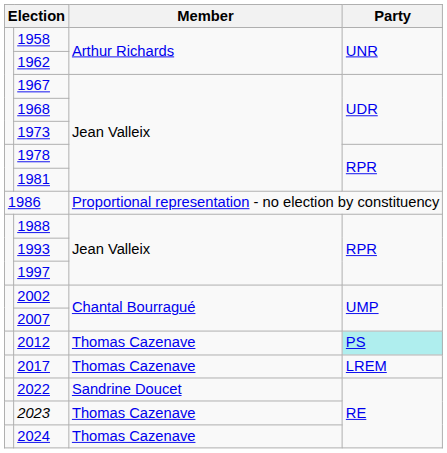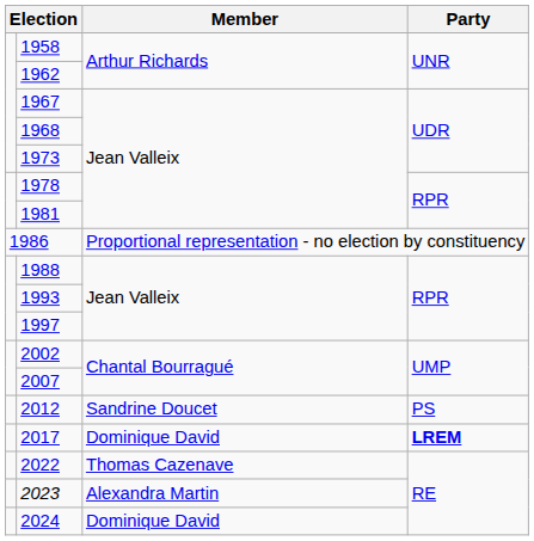 <table class="wikitable">
 <tr>
 <th colspan="2">Election</th>
 <th>Member</th>
 <th>Party</th>
 </tr>
 <tr>
 <td rowspan=5 style="color:inherit;background-color: "></td>
 <td><a href='#'>1958</a></td>
 <td rowspan="2"><a href='#'>Arthur Richards</a></td>
 <td rowspan="2"><a href='#'>UNR</a></td>
 </tr>
 <tr>
 <td><a href='#'>1962</a></td>
 </tr>
 <tr>
 <td><a href='#'>1967</a></td>
 <td rowspan="5">Jean Valleix</td>
 <td rowspan="3"><a href='#'>UDR</a></td>
 </tr>
 <tr>
 <td><a href='#'>1968</a></td>
 </tr>
 <tr>
 <td><a href='#'>1973</a></td>
 </tr>
 <tr>
 <td rowspan=2 style="color:inherit;background-color: "></td>
 <td><a href='#'>1978</a></td>
 <td rowspan="2"><a href='#'>RPR</a></td>
 </tr>
 <tr>
 <td><a href='#'>1981</a></td>
 </tr>
 <tr>
 <td colspan="2"><a href='#'>1986</a></td>
 <td colspan="2"><a href='#'>Proportional representation</a> - no election by constituency</td>
 </tr>
 <tr>
 <td rowspan=3 style="color:inherit;background-color: "></td>
 <td><a href='#'>1988</a></td>
 <td rowspan=3>Jean Valleix</td>
 <td rowspan=3><a href='#'>RPR</a></td>
 </tr>
 <tr>
 <td><a href='#'>1993</a></td>
 </tr>
 <tr>
 <td><a href='#'>1997</a></td>
 </tr>
 <tr>
 <td rowspan=2 style="color:inherit;background-color: "></td>
 <td><a href='#'>2002</a></td>
 <td rowspan=2><a href='#'>Chantal Bourragué</a></td>
 <td rowspan=2><a href='#'>UMP</a></td>
 </tr>
 <tr>
 <td><a href='#'>2007</a></td>
 </tr>
 <tr>
 <td style="color:inherit;background-color: "></td>
 <td><a href='#'>2012</a></td>
-<td><a href='#'>Thomas Cazenave</a></td>
-<td style="background: paleturquoise;"><a href='#'>PS</a></td>
+<td><a href='#'>Sandrine Doucet</a></td>
+<td><a href='#'>PS</a></td>
 </tr>
 <tr>
 <td style="color:inherit;background-color: "></td>
 <td><a href='#'>2017</a></td>
-<td><a href='#'>Thomas Cazenave</a></td>
-<td><a href='#'>LREM</a></td>
+<td><a href='#'>Dominique David</a></td>
+<td><strong><a href='#'>LREM</a></strong></td>
 </tr>
 <tr>
 <td style="color:inherit;background-color: "></td>
 <td><a href='#'>2022</a></td>
-<td><a href='#'>Sandrine Doucet</a></td>
+<td><a href='#'>Thomas Cazenave</a></td>
 <td rowspan="3"><a href='#'>RE</a></td>
 </tr>
 <tr>
 <td style="color:inherit;background-color: "></td>
 <td><em>2023</em></td>
-<td><a href='#'>Thomas Cazenave</a></td>
+<td><a href='#'>Alexandra Martin</a></td>
 </tr>
 <tr>
 <td style="color:inherit;background-color: "></td>
 <td><a href='#'>2024</a></td>
-<td><a href='#'>Thomas Cazenave</a></td>
+<td><a href='#'>Dominique David</a></td>
 </tr>
 </table>
